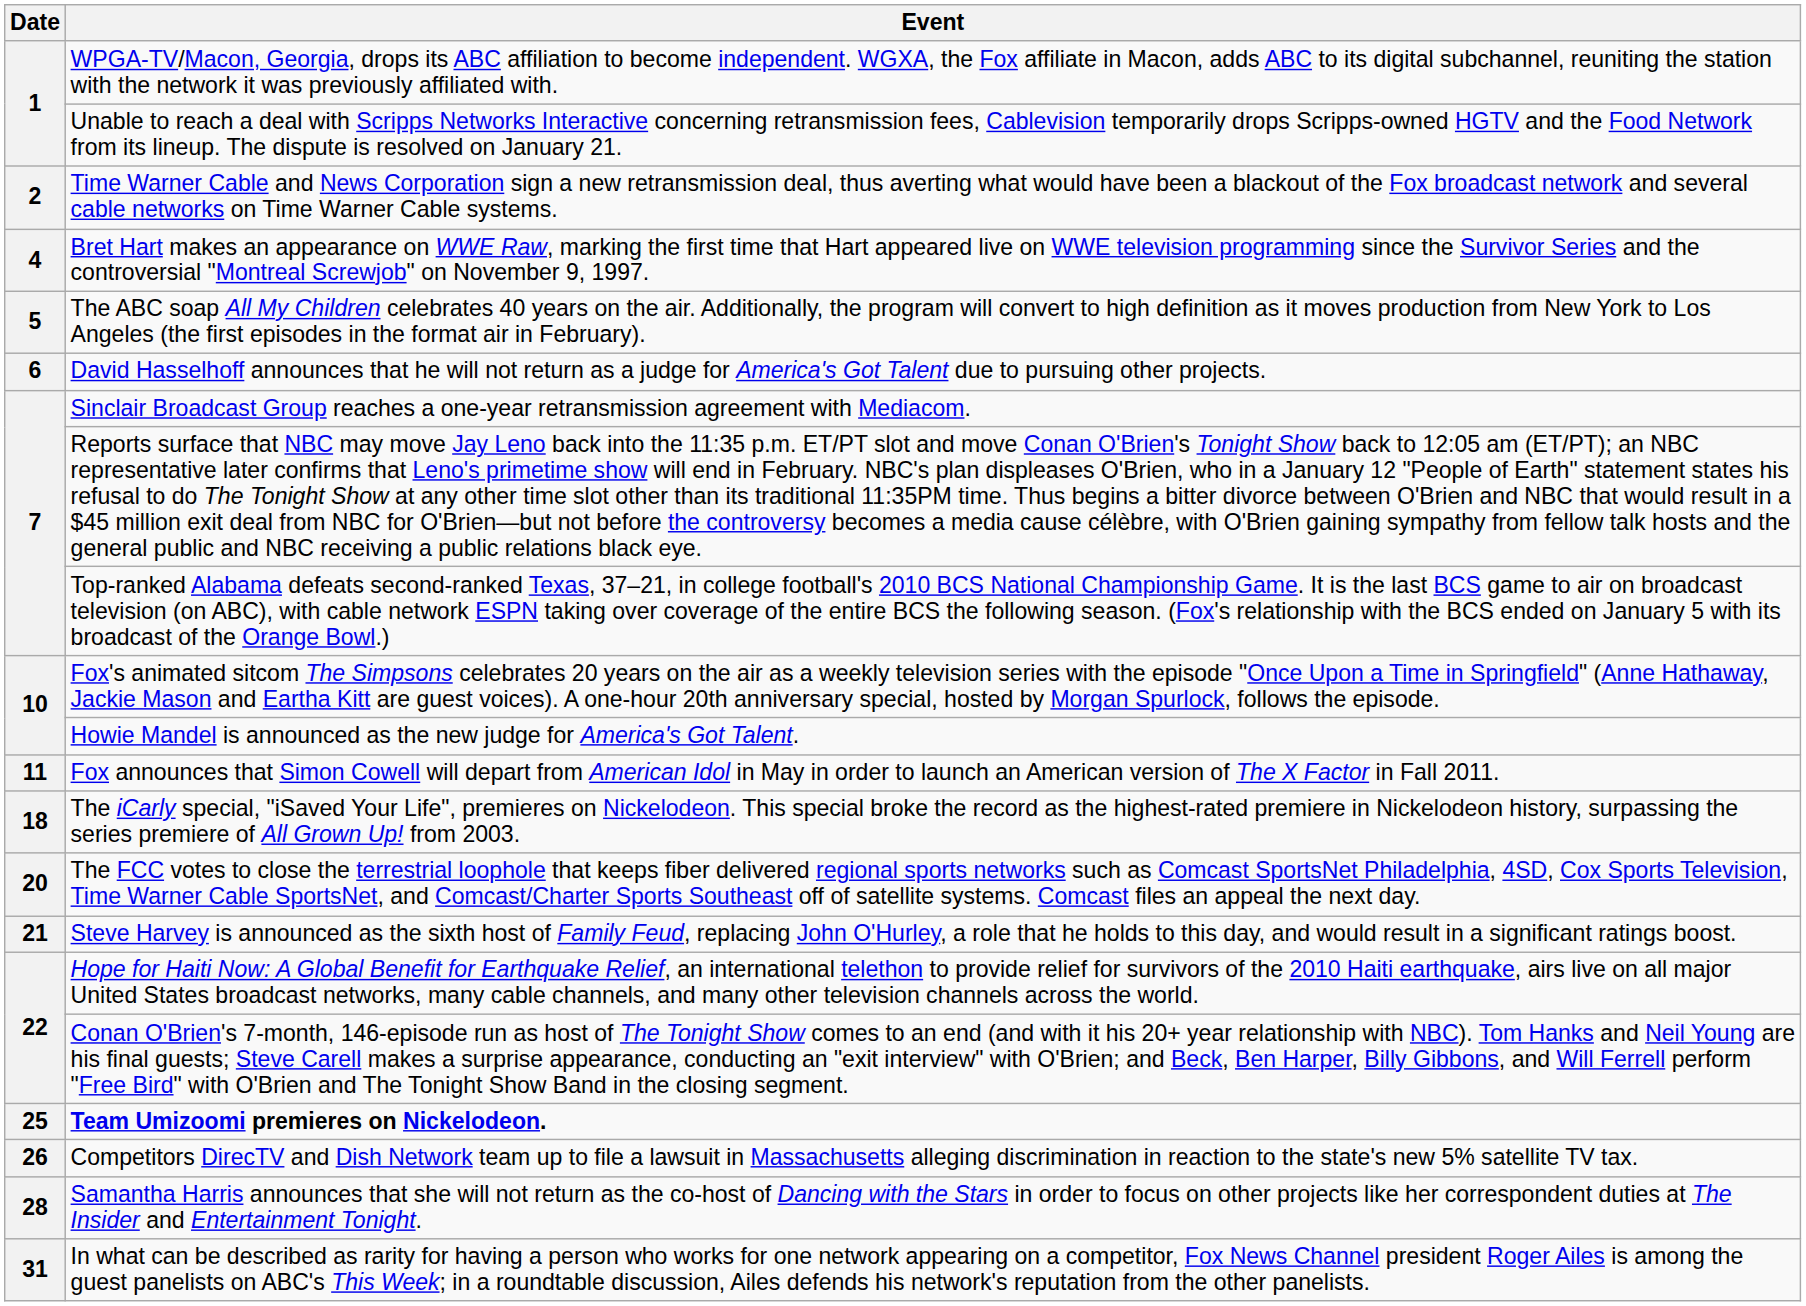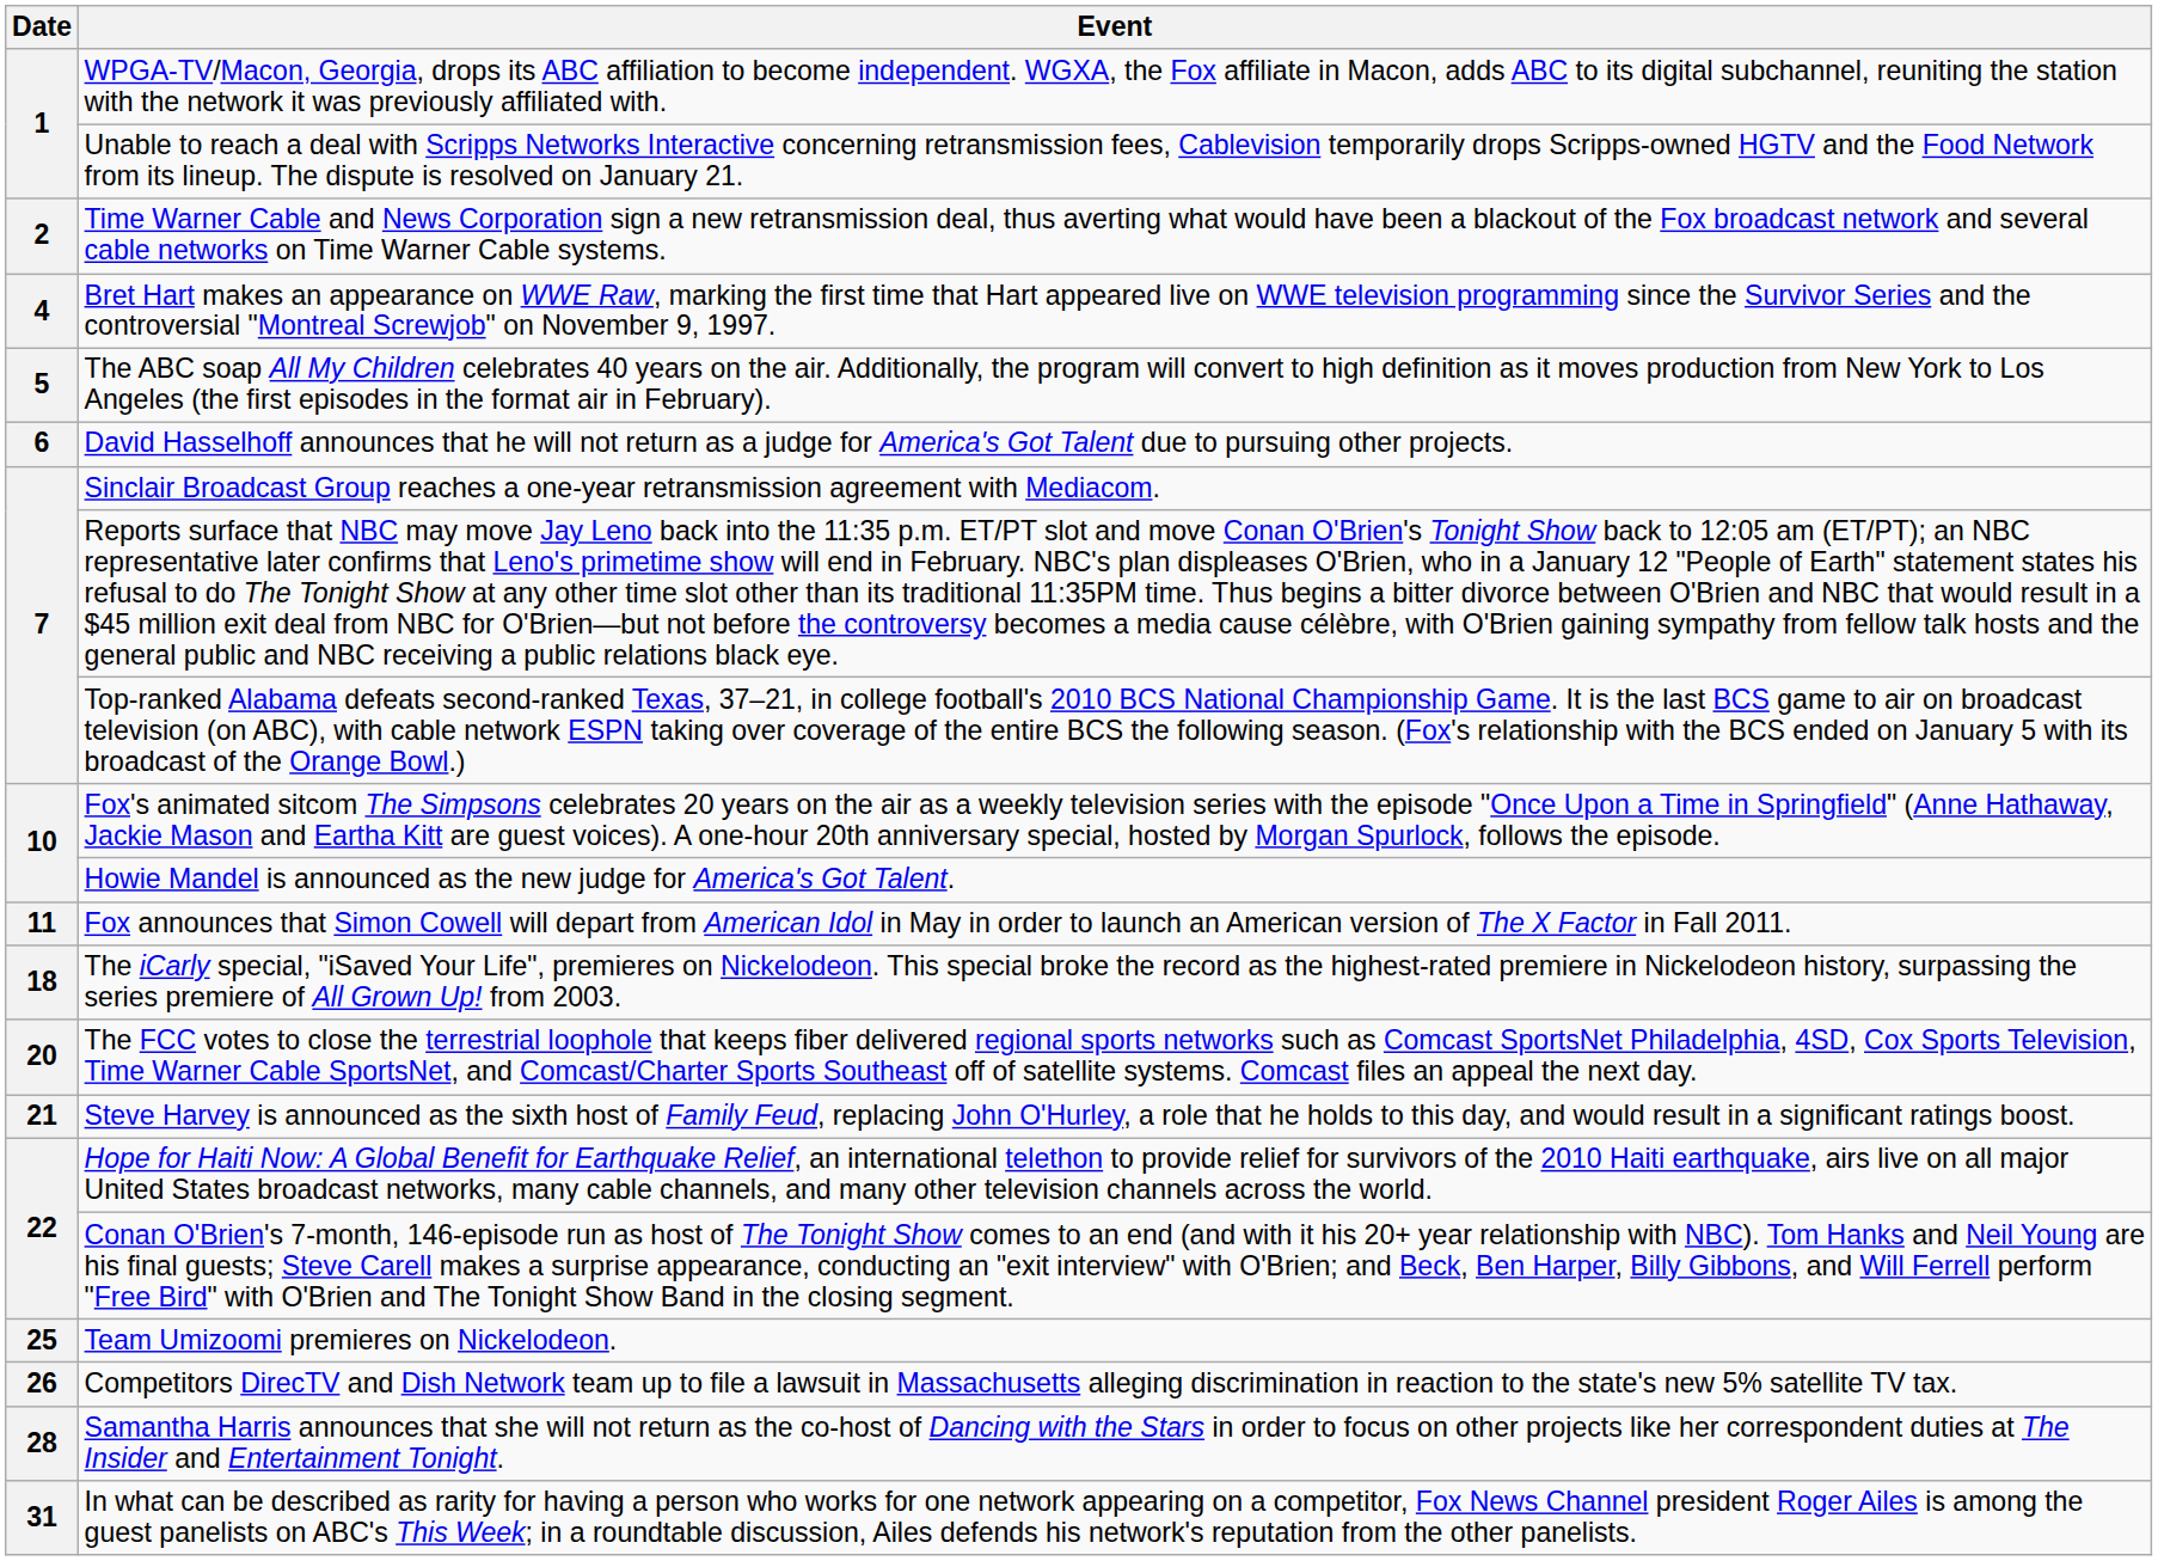 <table class="wikitable">
 <tr>
 <th>Date</th>
 <th>Event</th>
 </tr>
 <tr>
 <th style="text-align:center;" rowspan="2"><strong>1</strong></th>
 <td><a href='#'>WPGA-TV</a>/<a href='#'>Macon, Georgia</a>, drops its <a href='#'>ABC</a> affiliation to become <a href='#'>independent</a>. <a href='#'>WGXA</a>, the <a href='#'>Fox</a> affiliate in Macon, adds <a href='#'>ABC</a> to its digital subchannel, reuniting the station with the network it was previously affiliated with.</td>
 </tr>
 <tr>
 <td>Unable to reach a deal with <a href='#'>Scripps Networks Interactive</a> concerning retransmission fees, <a href='#'>Cablevision</a> temporarily drops Scripps-owned <a href='#'>HGTV</a> and the <a href='#'>Food Network</a> from its lineup. The dispute is resolved on January 21.</td>
 </tr>
 <tr>
 <th style="text-align:center;"><strong>2</strong></th>
 <td><a href='#'>Time Warner Cable</a> and <a href='#'>News Corporation</a> sign a new retransmission deal, thus averting what would have been a blackout of the <a href='#'>Fox broadcast network</a> and several <a href='#'>cable networks</a> on Time Warner Cable systems.</td>
 </tr>
 <tr>
 <th style="text-align:center;"><strong>4</strong></th>
 <td><a href='#'>Bret Hart</a> makes an appearance on <em><a href='#'>WWE Raw</a></em>, marking the first time that Hart appeared live on <a href='#'>WWE television programming</a> since the <a href='#'>Survivor Series</a> and the controversial "<a href='#'>Montreal Screwjob</a>" on November 9, 1997.</td>
 </tr>
 <tr>
 <th style="text-align:center;"><strong>5</strong></th>
 <td>The ABC soap <em><a href='#'>All My Children</a></em> celebrates 40 years on the air. Additionally, the program will convert to high definition as it moves production from New York to Los Angeles (the first episodes in the format air in February).</td>
 </tr>
 <tr>
 <th style="text-align:center;"><strong>6</strong></th>
 <td><a href='#'>David Hasselhoff</a> announces that he will not return as a judge for <em><a href='#'>America's Got Talent</a></em> due to pursuing other projects.</td>
 </tr>
 <tr>
 <th style="text-align:center;" rowspan="3"><strong>7</strong></th>
 <td><a href='#'>Sinclair Broadcast Group</a> reaches a one-year retransmission agreement with <a href='#'>Mediacom</a>.</td>
 </tr>
 <tr>
 <td>Reports surface that <a href='#'>NBC</a> may move <a href='#'>Jay Leno</a> back into the 11:35 p.m. ET/PT slot and move <a href='#'>Conan O'Brien</a>'s <em><a href='#'>Tonight Show</a></em> back to 12:05 am (ET/PT);  an NBC representative later confirms that <a href='#'>Leno's primetime show</a> will end in February.  NBC's plan displeases O'Brien, who in a January 12 "People of Earth" statement states his refusal to do <em>The Tonight Show</em> at any other time slot other than its traditional 11:35PM time.  Thus begins a bitter divorce between O'Brien and NBC that would result in a $45 million exit deal from NBC for O'Brien—but not before <a href='#'>the controversy</a> becomes a media cause célèbre, with O'Brien gaining sympathy from fellow talk hosts and the general public and NBC receiving a public relations black eye.</td>
 </tr>
 <tr>
 <td>Top-ranked <a href='#'>Alabama</a> defeats second-ranked <a href='#'>Texas</a>, 37–21, in college football's <a href='#'>2010 BCS National Championship Game</a>. It is the last <a href='#'>BCS</a> game to air on broadcast television (on ABC), with cable network <a href='#'>ESPN</a> taking over coverage of the entire BCS the following season. (<a href='#'>Fox</a>'s relationship with the BCS ended on January 5 with its broadcast of the <a href='#'>Orange Bowl</a>.)</td>
 </tr>
 <tr>
 <th style="text-align:center;" rowspan="2"><strong>10</strong></th>
 <td><a href='#'>Fox</a>'s animated sitcom <em><a href='#'>The Simpsons</a></em> celebrates 20 years on the air as a weekly television series with the episode "<a href='#'>Once Upon a Time in Springfield</a>" (<a href='#'>Anne Hathaway</a>, <a href='#'>Jackie Mason</a> and <a href='#'>Eartha Kitt</a> are guest voices).  A one-hour 20th anniversary special, hosted by <a href='#'>Morgan Spurlock</a>, follows the episode.</td>
 </tr>
 <tr>
 <td><a href='#'>Howie Mandel</a> is announced as the new judge for <em><a href='#'>America's Got Talent</a></em>.</td>
 </tr>
 <tr>
 <th style="text-align:Center;"><strong>11</strong></th>
 <td><a href='#'>Fox</a> announces that <a href='#'>Simon Cowell</a> will depart from <em><a href='#'>American Idol</a></em> in May in order to launch an American version of <em><a href='#'>The X Factor</a></em> in Fall 2011.</td>
 </tr>
 <tr>
 <th style="text-align:Center;"><strong>18</strong></th>
 <td>The <em><a href='#'>iCarly</a></em> special, "iSaved Your Life", premieres on <a href='#'>Nickelodeon</a>. This special broke the record as the highest-rated premiere in Nickelodeon history, surpassing the series premiere of <em><a href='#'>All Grown Up!</a></em> from 2003.</td>
 </tr>
 <tr>
 <th style="text-align:center;"><strong>20</strong></th>
 <td>The <a href='#'>FCC</a> votes to close the <a href='#'>terrestrial loophole</a> that keeps fiber delivered <a href='#'>regional sports networks</a> such as <a href='#'>Comcast SportsNet Philadelphia</a>, <a href='#'>4SD</a>, <a href='#'>Cox Sports Television</a>, <a href='#'>Time Warner Cable SportsNet</a>, and <a href='#'>Comcast/Charter Sports Southeast</a> off of satellite systems. <a href='#'>Comcast</a> files an appeal the next day.</td>
 </tr>
 <tr>
 <th style="text-align:center;"><strong>21</strong></th>
 <td><a href='#'>Steve Harvey</a> is announced as the sixth host of <em><a href='#'>Family Feud</a></em>, replacing <a href='#'>John O'Hurley</a>, a role that he holds to this day, and would result in a significant ratings boost.</td>
 </tr>
 <tr>
 <th style="text-align:center;" rowspan="2"><strong>22</strong></th>
 <td><em><a href='#'>Hope for Haiti Now: A Global Benefit for Earthquake Relief</a></em>, an international <a href='#'>telethon</a> to provide relief for survivors of the <a href='#'>2010 Haiti earthquake</a>, airs live on all major United States broadcast networks, many cable channels, and many other television channels across the world.</td>
 </tr>
 <tr>
 <td><a href='#'>Conan O'Brien</a>'s 7-month, 146-episode run as host of <em><a href='#'>The Tonight Show</a></em> comes to an end (and with it his 20+ year relationship with <a href='#'>NBC</a>). <a href='#'>Tom Hanks</a> and <a href='#'>Neil Young</a> are his final guests; <a href='#'>Steve Carell</a> makes a surprise appearance, conducting an "exit interview" with O'Brien; and <a href='#'>Beck</a>, <a href='#'>Ben Harper</a>, <a href='#'>Billy Gibbons</a>, and <a href='#'>Will Ferrell</a> perform "<a href='#'>Free Bird</a>" with O'Brien and The Tonight Show Band in the closing segment.</td>
 </tr>
 <tr>
 <th style="text-align:center;"><strong>25</strong></th>
-<td><strong><a href='#'>Team Umizoomi</a> premieres on <a href='#'>Nickelodeon</a>.</strong></td>
+<td><a href='#'>Team Umizoomi</a> premieres on <a href='#'>Nickelodeon</a>.</td>
 </tr>
 <tr>
 <th style="text-align:center;"><strong>26</strong></th>
 <td>Competitors <a href='#'>DirecTV</a> and <a href='#'>Dish Network</a> team up to file a lawsuit in <a href='#'>Massachusetts</a> alleging discrimination in reaction to the state's new 5% satellite TV tax.</td>
 </tr>
 <tr>
 <th style="text-align:center;"><strong>28</strong></th>
 <td><a href='#'>Samantha Harris</a> announces that she will not return as the co-host of <em><a href='#'>Dancing with the Stars</a></em> in order to focus on other projects like her correspondent duties at <em><a href='#'>The Insider</a></em> and <em><a href='#'>Entertainment Tonight</a></em>.</td>
 </tr>
 <tr>
 <th style="text-align:center;"><strong>31</strong></th>
 <td>In what can be described as rarity for having a person who works for one network appearing on a competitor, <a href='#'>Fox News Channel</a> president <a href='#'>Roger Ailes</a> is among the guest panelists on ABC's <em><a href='#'>This Week</a></em>; in a roundtable discussion, Ailes defends his network's reputation from the other panelists.</td>
 </tr>
 </table>
